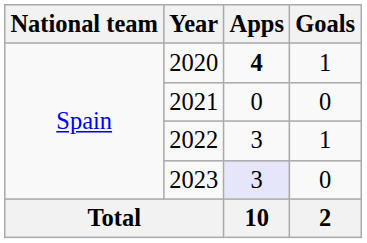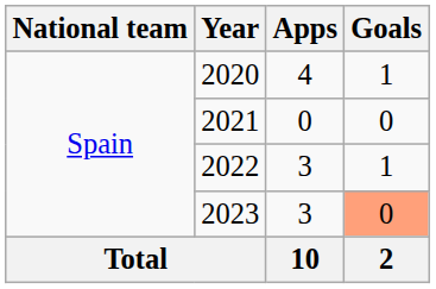 <table class=wikitable style="text-align:center">
 <tr>
 <th>National team</th>
 <th>Year</th>
 <th>Apps</th>
 <th>Goals</th>
 </tr>
 <tr>
 <td rowspan="4"><a href='#'>Spain</a></td>
 <td>2020</td>
-<td><strong>4</strong></td>
+<td>4</td>
 <td>1</td>
 </tr>
 <tr>
 <td>2021</td>
 <td>0</td>
 <td>0</td>
 </tr>
 <tr>
 <td>2022</td>
 <td>3</td>
 <td>1</td>
 </tr>
 <tr>
 <td>2023</td>
-<td style="background: lavender;">3</td>
-<td>0</td>
+<td>3</td>
+<td style="background: lightsalmon;">0</td>
 </tr>
 <tr>
 <th colspan=2>Total</th>
 <th>10</th>
 <th>2</th>
 </tr>
 </table>
